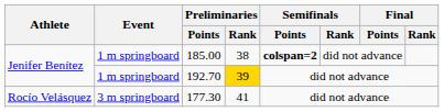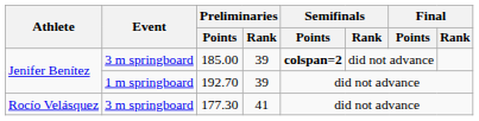 <table class=wikitable style="font-size:90%;">
 <tr>
 <th rowspan="2">Athlete</th>
 <th rowspan="2">Event</th>
 <th colspan="2">Preliminaries</th>
 <th colspan="2">Semifinals</th>
 <th colspan="2">Final</th>
 </tr>
 <tr style="font-size:95%">
 <th>Points</th>
 <th>Rank</th>
 <th>Points</th>
 <th>Rank</th>
 <th>Points</th>
 <th>Rank</th>
 </tr>
 <tr align=center>
 <td align=left rowspan=2><a href='#'>Jenifer Benítez</a></td>
-<td align=left><a href='#'>1 m springboard</a></td>
+<td align=left><a href='#'>3 m springboard</a></td>
 <td>185.00</td>
-<td>38</td>
+<td>39</td>
 <td><strong>colspan=2 </strong></td>
 <td colspan=2>did not advance</td>
 </tr>
 <tr align=center>
 <td align=left><a href='#'>1 m springboard</a></td>
 <td>192.70</td>
-<td style="background: gold;">39</td>
+<td>39</td>
 <td colspan=4>did not advance</td>
 </tr>
 <tr align=center>
 <td align=left><a href='#'>Rocío Velásquez</a></td>
 <td align=left><a href='#'>3 m springboard</a></td>
 <td>177.30</td>
 <td>41</td>
 <td colspan=4>did not advance</td>
 </tr>
 </table>
